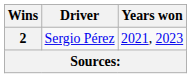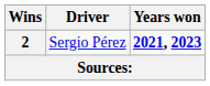 <table class="wikitable" style="font-size: 95%">
 <tr>
 <th>Wins</th>
 <th>Driver</th>
 <th>Years won</th>
 </tr>
 <tr>
 <th>2</th>
 <td> <a href='#'>Sergio Pérez</a></td>
-<td><a href='#'>2021</a>, <a href='#'>2023</a></td>
+<td><strong><a href='#'>2021</a>, <a href='#'>2023</a></strong></td>
 </tr>
 <tr>
 <th colspan="3">Sources:</th>
 </tr>
 </table>
